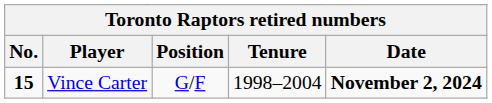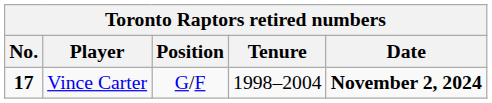 <table class="wikitable" style="text-align:center">
 <tr>
 <th colspan="5">Toronto Raptors retired numbers</th>
 </tr>
 <tr>
 <th>No.</th>
 <th>Player</th>
 <th>Position</th>
 <th>Tenure</th>
 <th>Date</th>
 </tr>
 <tr>
-<td><strong>15</strong></td>
+<td><strong>17</strong></td>
 <td><a href='#'>Vince Carter</a></td>
 <td><a href='#'>G</a>/<a href='#'>F</a></td>
 <td>1998–2004</td>
 <td><strong>November 2, 2024</strong></td>
 </tr>
 </table>
